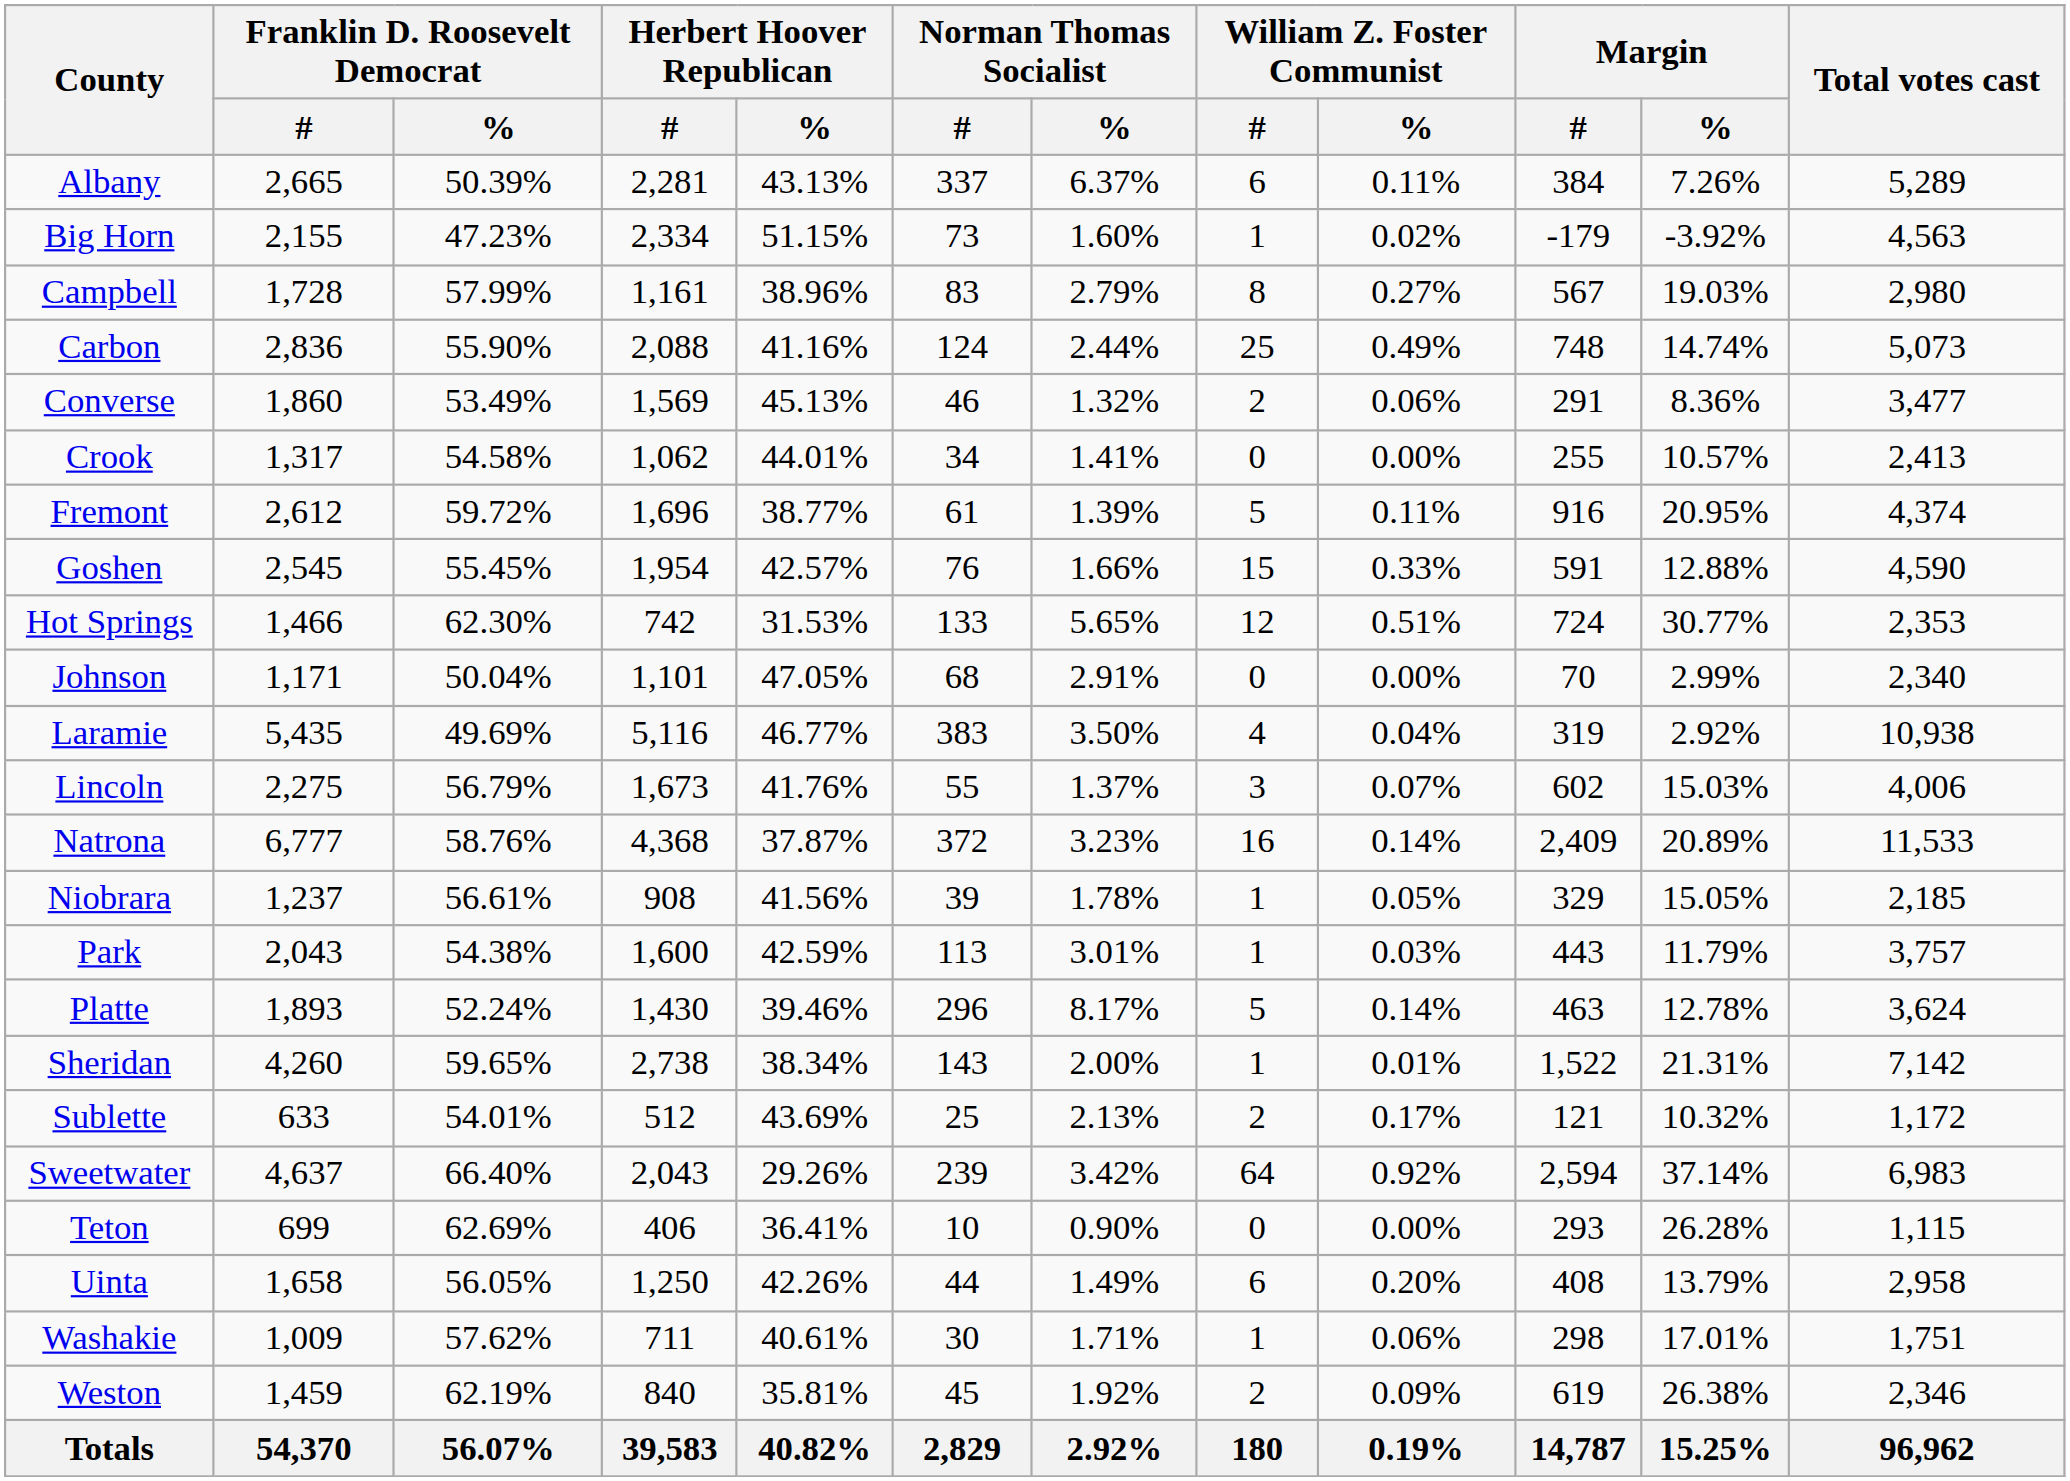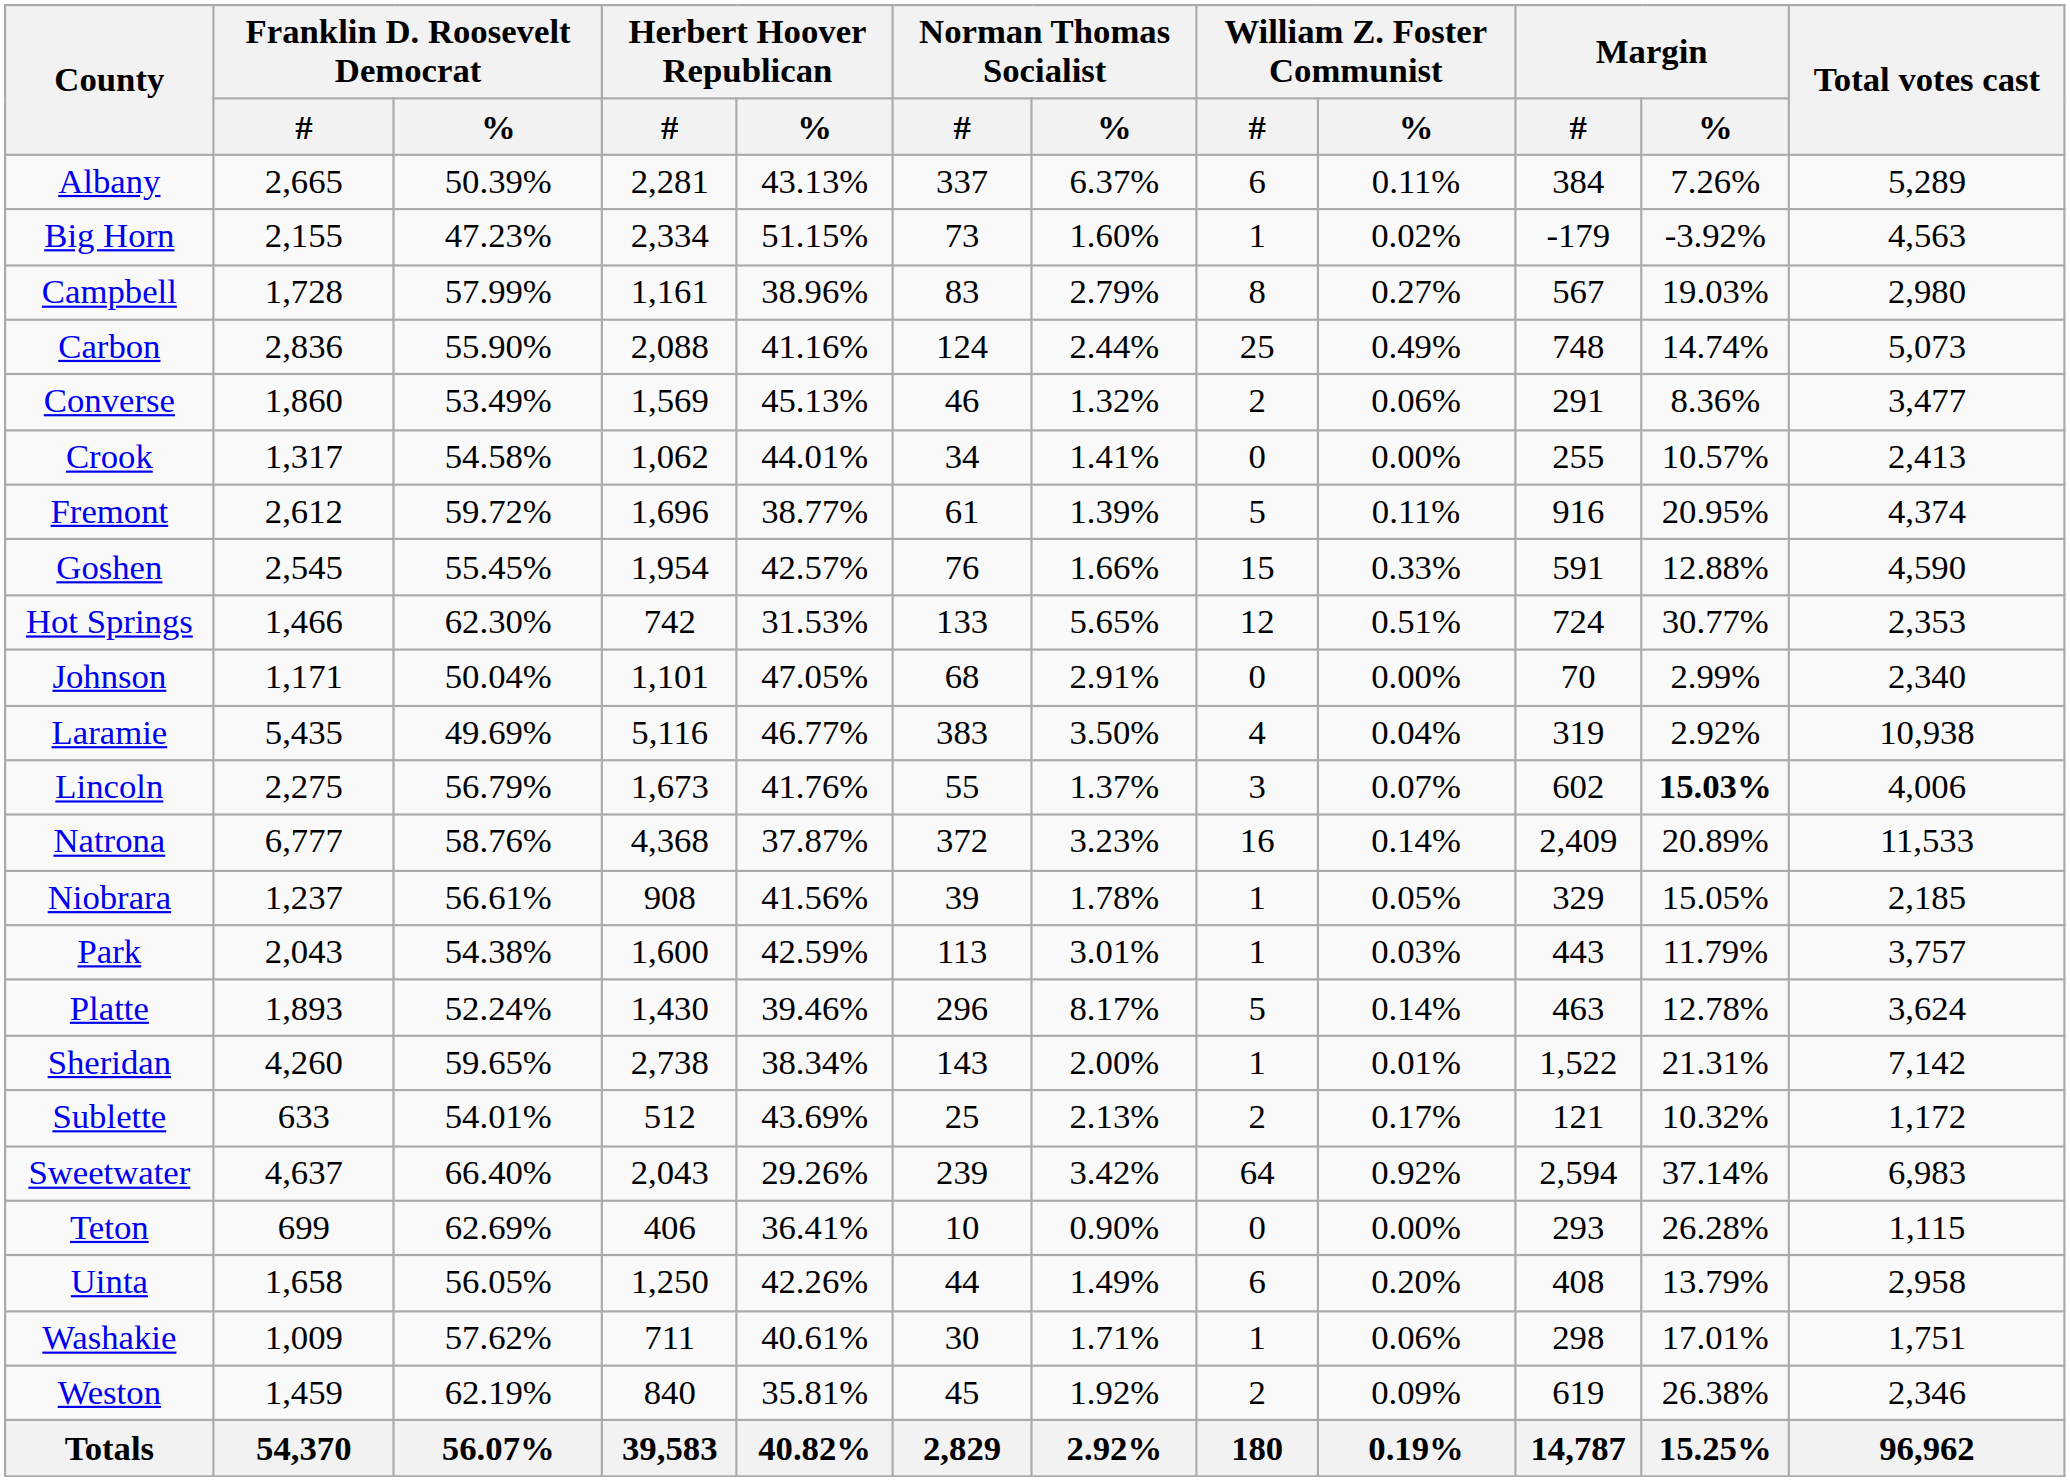 <table width="60%"  class="wikitable sortable" style="text-align:center">
 <tr>
 <th style="text-align:center;" rowspan="2">County</th>
 <th style="text-align:center;" colspan="2">Franklin D. Roosevelt<br>Democrat</th>
 <th style="text-align:center;" colspan="2">Herbert Hoover<br>Republican</th>
 <th style="text-align:center;" colspan="2">Norman Thomas<br>Socialist</th>
 <th style="text-align:center;" colspan="2">William Z. Foster<br>Communist</th>
 <th style="text-align:center;" colspan="2">Margin</th>
 <th style="text-align:center;" rowspan="2">Total votes cast</th>
 </tr>
 <tr>
 <th style="text-align:center;" data-sort-type="number">#</th>
 <th style="text-align:center;" data-sort-type="number">%</th>
 <th style="text-align:center;" data-sort-type="number">#</th>
 <th style="text-align:center;" data-sort-type="number">%</th>
 <th style="text-align:center;" data-sort-type="number">#</th>
 <th style="text-align:center;" data-sort-type="number">%</th>
 <th style="text-align:center;" data-sort-type="number">#</th>
 <th style="text-align:center;" data-sort-type="number">%</th>
 <th style="text-align:center;" data-sort-type="number">#</th>
 <th style="text-align:center;" data-sort-type="number">%</th>
 </tr>
 <tr style="text-align:center;">
 <td><a href='#'>Albany</a></td>
 <td>2,665</td>
 <td>50.39%</td>
 <td>2,281</td>
 <td>43.13%</td>
 <td>337</td>
 <td>6.37%</td>
 <td>6</td>
 <td>0.11%</td>
 <td>384</td>
 <td>7.26%</td>
 <td>5,289</td>
 </tr>
 <tr style="text-align:center;">
 <td><a href='#'>Big Horn</a></td>
 <td>2,155</td>
 <td>47.23%</td>
 <td>2,334</td>
 <td>51.15%</td>
 <td>73</td>
 <td>1.60%</td>
 <td>1</td>
 <td>0.02%</td>
 <td>-179</td>
 <td>-3.92%</td>
 <td>4,563</td>
 </tr>
 <tr style="text-align:center;">
 <td><a href='#'>Campbell</a></td>
 <td>1,728</td>
 <td>57.99%</td>
 <td>1,161</td>
 <td>38.96%</td>
 <td>83</td>
 <td>2.79%</td>
 <td>8</td>
 <td>0.27%</td>
 <td>567</td>
 <td>19.03%</td>
 <td>2,980</td>
 </tr>
 <tr style="text-align:center;">
 <td><a href='#'>Carbon</a></td>
 <td>2,836</td>
 <td>55.90%</td>
 <td>2,088</td>
 <td>41.16%</td>
 <td>124</td>
 <td>2.44%</td>
 <td>25</td>
 <td>0.49%</td>
 <td>748</td>
 <td>14.74%</td>
 <td>5,073</td>
 </tr>
 <tr style="text-align:center;">
 <td><a href='#'>Converse</a></td>
 <td>1,860</td>
 <td>53.49%</td>
 <td>1,569</td>
 <td>45.13%</td>
 <td>46</td>
 <td>1.32%</td>
 <td>2</td>
 <td>0.06%</td>
 <td>291</td>
 <td>8.36%</td>
 <td>3,477</td>
 </tr>
 <tr style="text-align:center;">
 <td><a href='#'>Crook</a></td>
 <td>1,317</td>
 <td>54.58%</td>
 <td>1,062</td>
 <td>44.01%</td>
 <td>34</td>
 <td>1.41%</td>
 <td>0</td>
 <td>0.00%</td>
 <td>255</td>
 <td>10.57%</td>
 <td>2,413</td>
 </tr>
 <tr style="text-align:center;">
 <td><a href='#'>Fremont</a></td>
 <td>2,612</td>
 <td>59.72%</td>
 <td>1,696</td>
 <td>38.77%</td>
 <td>61</td>
 <td>1.39%</td>
 <td>5</td>
 <td>0.11%</td>
 <td>916</td>
 <td>20.95%</td>
 <td>4,374</td>
 </tr>
 <tr style="text-align:center;">
 <td><a href='#'>Goshen</a></td>
 <td>2,545</td>
 <td>55.45%</td>
 <td>1,954</td>
 <td>42.57%</td>
 <td>76</td>
 <td>1.66%</td>
 <td>15</td>
 <td>0.33%</td>
 <td>591</td>
 <td>12.88%</td>
 <td>4,590</td>
 </tr>
 <tr style="text-align:center;">
 <td><a href='#'>Hot Springs</a></td>
 <td>1,466</td>
 <td>62.30%</td>
 <td>742</td>
 <td>31.53%</td>
 <td>133</td>
 <td>5.65%</td>
 <td>12</td>
 <td>0.51%</td>
 <td>724</td>
 <td>30.77%</td>
 <td>2,353</td>
 </tr>
 <tr style="text-align:center;">
 <td><a href='#'>Johnson</a></td>
 <td>1,171</td>
 <td>50.04%</td>
 <td>1,101</td>
 <td>47.05%</td>
 <td>68</td>
 <td>2.91%</td>
 <td>0</td>
 <td>0.00%</td>
 <td>70</td>
 <td>2.99%</td>
 <td>2,340</td>
 </tr>
 <tr style="text-align:center;">
 <td><a href='#'>Laramie</a></td>
 <td>5,435</td>
 <td>49.69%</td>
 <td>5,116</td>
 <td>46.77%</td>
 <td>383</td>
 <td>3.50%</td>
 <td>4</td>
 <td>0.04%</td>
 <td>319</td>
 <td>2.92%</td>
 <td>10,938</td>
 </tr>
 <tr style="text-align:center;">
 <td><a href='#'>Lincoln</a></td>
 <td>2,275</td>
 <td>56.79%</td>
 <td>1,673</td>
 <td>41.76%</td>
 <td>55</td>
 <td>1.37%</td>
 <td>3</td>
 <td>0.07%</td>
 <td>602</td>
-<td>15.03%</td>
+<td><strong>15.03%</strong></td>
 <td>4,006</td>
 </tr>
 <tr style="text-align:center;">
 <td><a href='#'>Natrona</a></td>
 <td>6,777</td>
 <td>58.76%</td>
 <td>4,368</td>
 <td>37.87%</td>
 <td>372</td>
 <td>3.23%</td>
 <td>16</td>
 <td>0.14%</td>
 <td>2,409</td>
 <td>20.89%</td>
 <td>11,533</td>
 </tr>
 <tr style="text-align:center;">
 <td><a href='#'>Niobrara</a></td>
 <td>1,237</td>
 <td>56.61%</td>
 <td>908</td>
 <td>41.56%</td>
 <td>39</td>
 <td>1.78%</td>
 <td>1</td>
 <td>0.05%</td>
 <td>329</td>
 <td>15.05%</td>
 <td>2,185</td>
 </tr>
 <tr style="text-align:center;">
 <td><a href='#'>Park</a></td>
 <td>2,043</td>
 <td>54.38%</td>
 <td>1,600</td>
 <td>42.59%</td>
 <td>113</td>
 <td>3.01%</td>
 <td>1</td>
 <td>0.03%</td>
 <td>443</td>
 <td>11.79%</td>
 <td>3,757</td>
 </tr>
 <tr style="text-align:center;">
 <td><a href='#'>Platte</a></td>
 <td>1,893</td>
 <td>52.24%</td>
 <td>1,430</td>
 <td>39.46%</td>
 <td>296</td>
 <td>8.17%</td>
 <td>5</td>
 <td>0.14%</td>
 <td>463</td>
 <td>12.78%</td>
 <td>3,624</td>
 </tr>
 <tr style="text-align:center;">
 <td><a href='#'>Sheridan</a></td>
 <td>4,260</td>
 <td>59.65%</td>
 <td>2,738</td>
 <td>38.34%</td>
 <td>143</td>
 <td>2.00%</td>
 <td>1</td>
 <td>0.01%</td>
 <td>1,522</td>
 <td>21.31%</td>
 <td>7,142</td>
 </tr>
 <tr style="text-align:center;">
 <td><a href='#'>Sublette</a></td>
 <td>633</td>
 <td>54.01%</td>
 <td>512</td>
 <td>43.69%</td>
 <td>25</td>
 <td>2.13%</td>
 <td>2</td>
 <td>0.17%</td>
 <td>121</td>
 <td>10.32%</td>
 <td>1,172</td>
 </tr>
 <tr style="text-align:center;">
 <td><a href='#'>Sweetwater</a></td>
 <td>4,637</td>
 <td>66.40%</td>
 <td>2,043</td>
 <td>29.26%</td>
 <td>239</td>
 <td>3.42%</td>
 <td>64</td>
 <td>0.92%</td>
 <td>2,594</td>
 <td>37.14%</td>
 <td>6,983</td>
 </tr>
 <tr style="text-align:center;">
 <td><a href='#'>Teton</a></td>
 <td>699</td>
 <td>62.69%</td>
 <td>406</td>
 <td>36.41%</td>
 <td>10</td>
 <td>0.90%</td>
 <td>0</td>
 <td>0.00%</td>
 <td>293</td>
 <td>26.28%</td>
 <td>1,115</td>
 </tr>
 <tr style="text-align:center;">
 <td><a href='#'>Uinta</a></td>
 <td>1,658</td>
 <td>56.05%</td>
 <td>1,250</td>
 <td>42.26%</td>
 <td>44</td>
 <td>1.49%</td>
 <td>6</td>
 <td>0.20%</td>
 <td>408</td>
 <td>13.79%</td>
 <td>2,958</td>
 </tr>
 <tr style="text-align:center;">
 <td><a href='#'>Washakie</a></td>
 <td>1,009</td>
 <td>57.62%</td>
 <td>711</td>
 <td>40.61%</td>
 <td>30</td>
 <td>1.71%</td>
 <td>1</td>
 <td>0.06%</td>
 <td>298</td>
 <td>17.01%</td>
 <td>1,751</td>
 </tr>
 <tr style="text-align:center;">
 <td><a href='#'>Weston</a></td>
 <td>1,459</td>
 <td>62.19%</td>
 <td>840</td>
 <td>35.81%</td>
 <td>45</td>
 <td>1.92%</td>
 <td>2</td>
 <td>0.09%</td>
 <td>619</td>
 <td>26.38%</td>
 <td>2,346</td>
 </tr>
 <tr style="text-align:center;">
 <th>Totals</th>
 <th>54,370</th>
 <th>56.07%</th>
 <th>39,583</th>
 <th>40.82%</th>
 <th>2,829</th>
 <th>2.92%</th>
 <th>180</th>
 <th>0.19%</th>
 <th>14,787</th>
 <th>15.25%</th>
 <th>96,962</th>
 </tr>
 </table>
